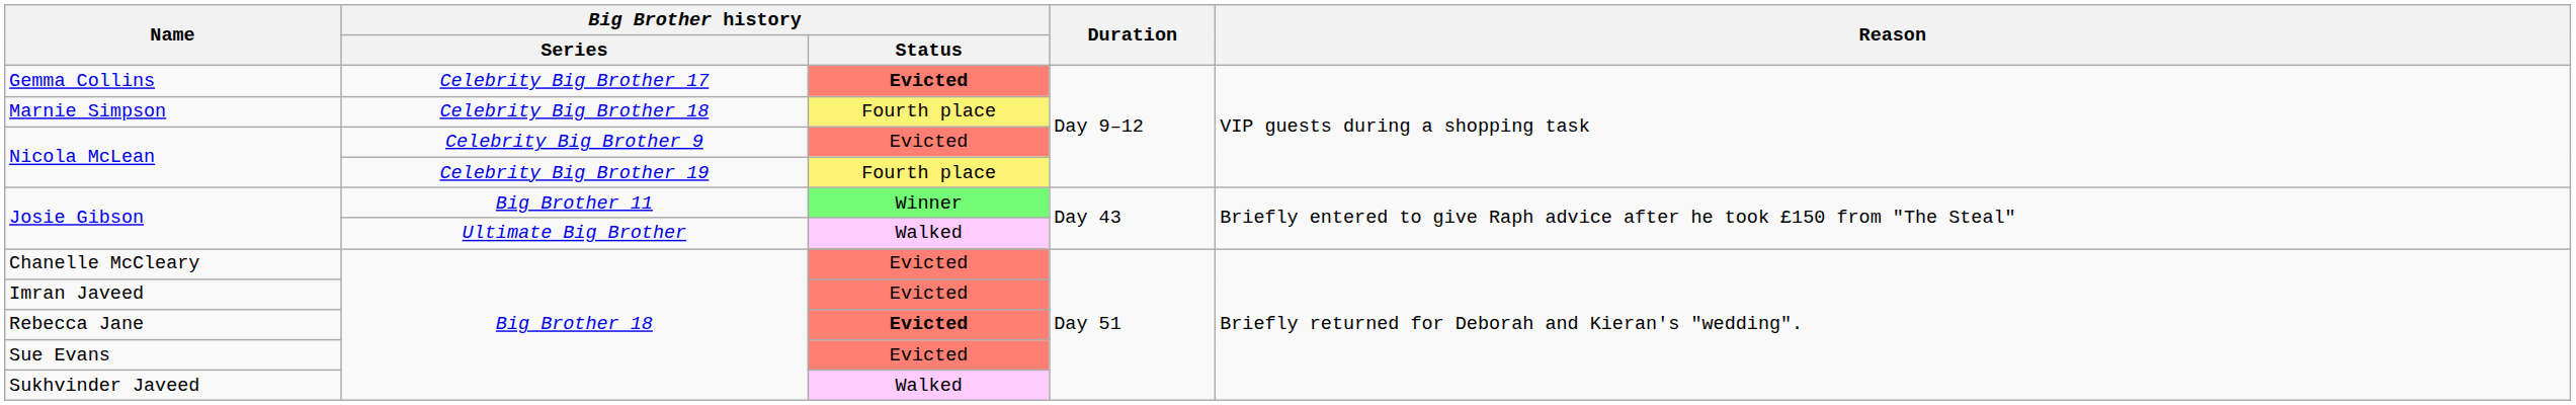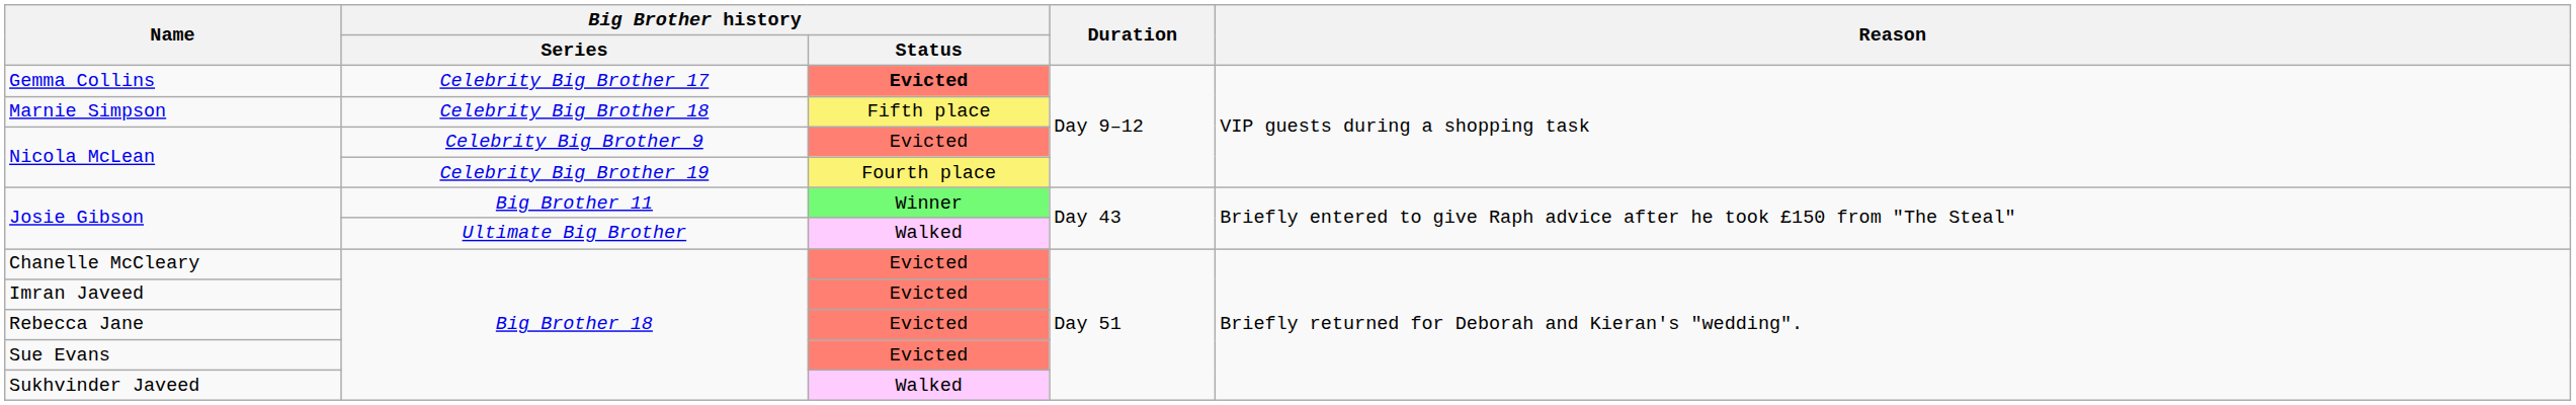 <table class="wikitable sortable" style="width:90%;">
 <tr>
 <th rowspan="2" style="text-align:center;">Name</th>
 <th colspan="2"><em>Big Brother</em> history</th>
 <th rowspan="2" style="text-align:center;">Duration</th>
 <th rowspan="2" style="text-align:center;">Reason</th>
 </tr>
 <tr>
 <th style="text-align:center;">Series</th>
 <th style="text-align:center;">Status</th>
 </tr>
 <tr>
 <td><a href='#'>Gemma Collins</a></td>
 <td style="text-align:center"><em><a href='#'>Celebrity Big Brother 17</a></em></td>
 <td style="background:#FF8072; text-align:center"><strong>Evicted</strong></td>
 <td rowspan=4>Day 9–12</td>
 <td rowspan=4>VIP guests during a shopping task</td>
 </tr>
 <tr>
 <td><a href='#'>Marnie Simpson</a></td>
 <td style="text-align:center"><em><a href='#'>Celebrity Big Brother 18</a></em></td>
-<td style="background:#FBF373; text-align:center">Fourth place</td>
+<td style="background:#FBF373; text-align:center">Fifth place</td>
 </tr>
 <tr>
 <td rowspan=2><a href='#'>Nicola McLean</a></td>
 <td style="text-align:center"><em><a href='#'>Celebrity Big Brother 9</a></em></td>
 <td style="background:#FF8072; text-align:center">Evicted</td>
 </tr>
 <tr>
 <td style="text-align:center"><em><a href='#'>Celebrity Big Brother 19</a></em></td>
 <td style="background:#FBF373; text-align:center">Fourth place</td>
 </tr>
 <tr>
 <td rowspan=2><a href='#'>Josie Gibson</a></td>
 <td style="text-align:center"><em><a href='#'>Big Brother 11</a></em></td>
 <td style="background:#73FB76; text-align:center">Winner</td>
 <td rowspan=2>Day 43</td>
 <td rowspan=2>Briefly entered to give Raph advice after he took £150 from "The Steal"</td>
 </tr>
 <tr>
 <td style="text-align:center"><em><a href='#'>Ultimate Big Brother</a></em></td>
 <td style="background:#fcf; text-align:center">Walked</td>
 </tr>
 <tr>
 <td>Chanelle McCleary</td>
 <td rowspan="5" style="text-align:center"><em><a href='#'>Big Brother 18</a></em></td>
 <td style="background:#FF8072; text-align:center">Evicted</td>
 <td rowspan=5>Day 51</td>
 <td rowspan=5>Briefly returned for Deborah and Kieran's "wedding".</td>
 </tr>
 <tr>
 <td>Imran Javeed</td>
 <td style="background:#FF8072; text-align:center">Evicted</td>
 </tr>
 <tr>
 <td>Rebecca Jane</td>
-<td style="background:#FF8072; text-align:center"><strong>Evicted</strong></td>
+<td style="background:#FF8072; text-align:center">Evicted</td>
 </tr>
 <tr>
 <td>Sue Evans</td>
 <td style="background:#FF8072; text-align:center">Evicted</td>
 </tr>
 <tr>
 <td>Sukhvinder Javeed</td>
 <td style="background:#fcf; text-align:center">Walked</td>
 </tr>
 </table>
